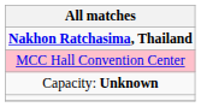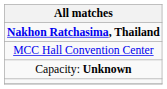 <table class="wikitable" style="text-align:center;">
 <tr>
 <th colspan=2>All matches</th>
 </tr>
 <tr>
 <td><strong><a href='#'>Nakhon Ratchasima</a>, Thailand</strong></td>
 </tr>
 <tr>
-<td style="background: pink;"><a href='#'>MCC Hall Convention Center</a></td>
+<td><a href='#'>MCC Hall Convention Center</a></td>
 </tr>
 <tr>
 <td>Capacity: <strong>Unknown</strong></td>
 </tr>
 <tr>
 <td></td>
 </tr>
 <tr>
 </tr>
 </table>
